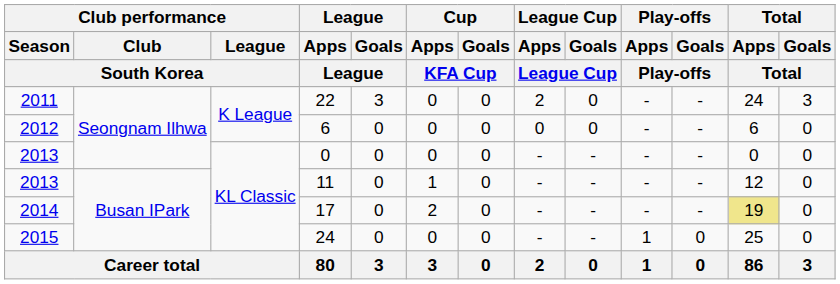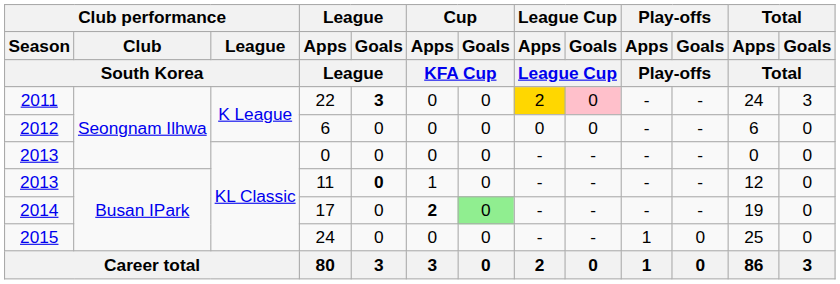 <table class="wikitable" style="text-align:center">
 <tr>
 <th colspan=3>Club performance</th>
 <th colspan=2>League</th>
 <th colspan=2>Cup</th>
 <th colspan=2>League Cup</th>
 <th colspan=2>Play-offs</th>
 <th colspan=2>Total</th>
 </tr>
 <tr>
 <th>Season</th>
 <th>Club</th>
 <th>League</th>
 <th>Apps</th>
 <th>Goals</th>
 <th>Apps</th>
 <th>Goals</th>
 <th>Apps</th>
 <th>Goals</th>
 <th>Apps</th>
 <th>Goals</th>
 <th>Apps</th>
 <th>Goals</th>
 </tr>
 <tr>
 <th colspan=3>South Korea</th>
 <th colspan=2>League</th>
 <th colspan=2><a href='#'>KFA Cup</a></th>
 <th colspan=2><a href='#'>League Cup</a></th>
 <th colspan=2>Play-offs</th>
 <th colspan=2>Total</th>
 </tr>
 <tr>
 <td><a href='#'>2011</a></td>
 <td rowspan="3"><a href='#'>Seongnam Ilhwa</a></td>
 <td rowspan="2"><a href='#'>K League</a></td>
 <td>22</td>
-<td>3</td>
+<td><strong>3</strong></td>
 <td>0</td>
 <td>0</td>
-<td>2</td>
-<td>0</td>
+<td style="background: gold;">2</td>
+<td style="background: pink;">0</td>
 <td>-</td>
 <td>-</td>
 <td>24</td>
 <td>3</td>
 </tr>
 <tr>
 <td><a href='#'>2012</a></td>
 <td>6</td>
 <td>0</td>
 <td>0</td>
 <td>0</td>
 <td>0</td>
 <td>0</td>
 <td>-</td>
 <td>-</td>
 <td>6</td>
 <td>0</td>
 </tr>
 <tr>
 <td><a href='#'>2013</a></td>
 <td rowspan="4"><a href='#'>KL Classic</a></td>
 <td>0</td>
 <td>0</td>
 <td>0</td>
 <td>0</td>
 <td>-</td>
 <td>-</td>
 <td>-</td>
 <td>-</td>
 <td>0</td>
 <td>0</td>
 </tr>
 <tr>
 <td><a href='#'>2013</a></td>
 <td rowspan="3"><a href='#'>Busan IPark</a></td>
 <td>11</td>
-<td>0</td>
+<td><strong>0</strong></td>
 <td>1</td>
 <td>0</td>
 <td>-</td>
 <td>-</td>
 <td>-</td>
 <td>-</td>
 <td>12</td>
 <td>0</td>
 </tr>
 <tr>
 <td><a href='#'>2014</a></td>
 <td>17</td>
 <td>0</td>
-<td>2</td>
-<td>0</td>
+<td><strong>2</strong></td>
+<td style="background: lightgreen;">0</td>
 <td>-</td>
 <td>-</td>
 <td>-</td>
 <td>-</td>
-<td style="background: khaki;">19</td>
+<td>19</td>
 <td>0</td>
 </tr>
 <tr>
 <td><a href='#'>2015</a></td>
 <td>24</td>
 <td>0</td>
 <td>0</td>
 <td>0</td>
 <td>-</td>
 <td>-</td>
 <td>1</td>
 <td>0</td>
 <td>25</td>
 <td>0</td>
 </tr>
 <tr>
 <th colspan=3>Career total</th>
 <th>80</th>
 <th>3</th>
 <th>3</th>
 <th>0</th>
 <th>2</th>
 <th>0</th>
 <th>1</th>
 <th>0</th>
 <th>86</th>
 <th>3</th>
 </tr>
 </table>
